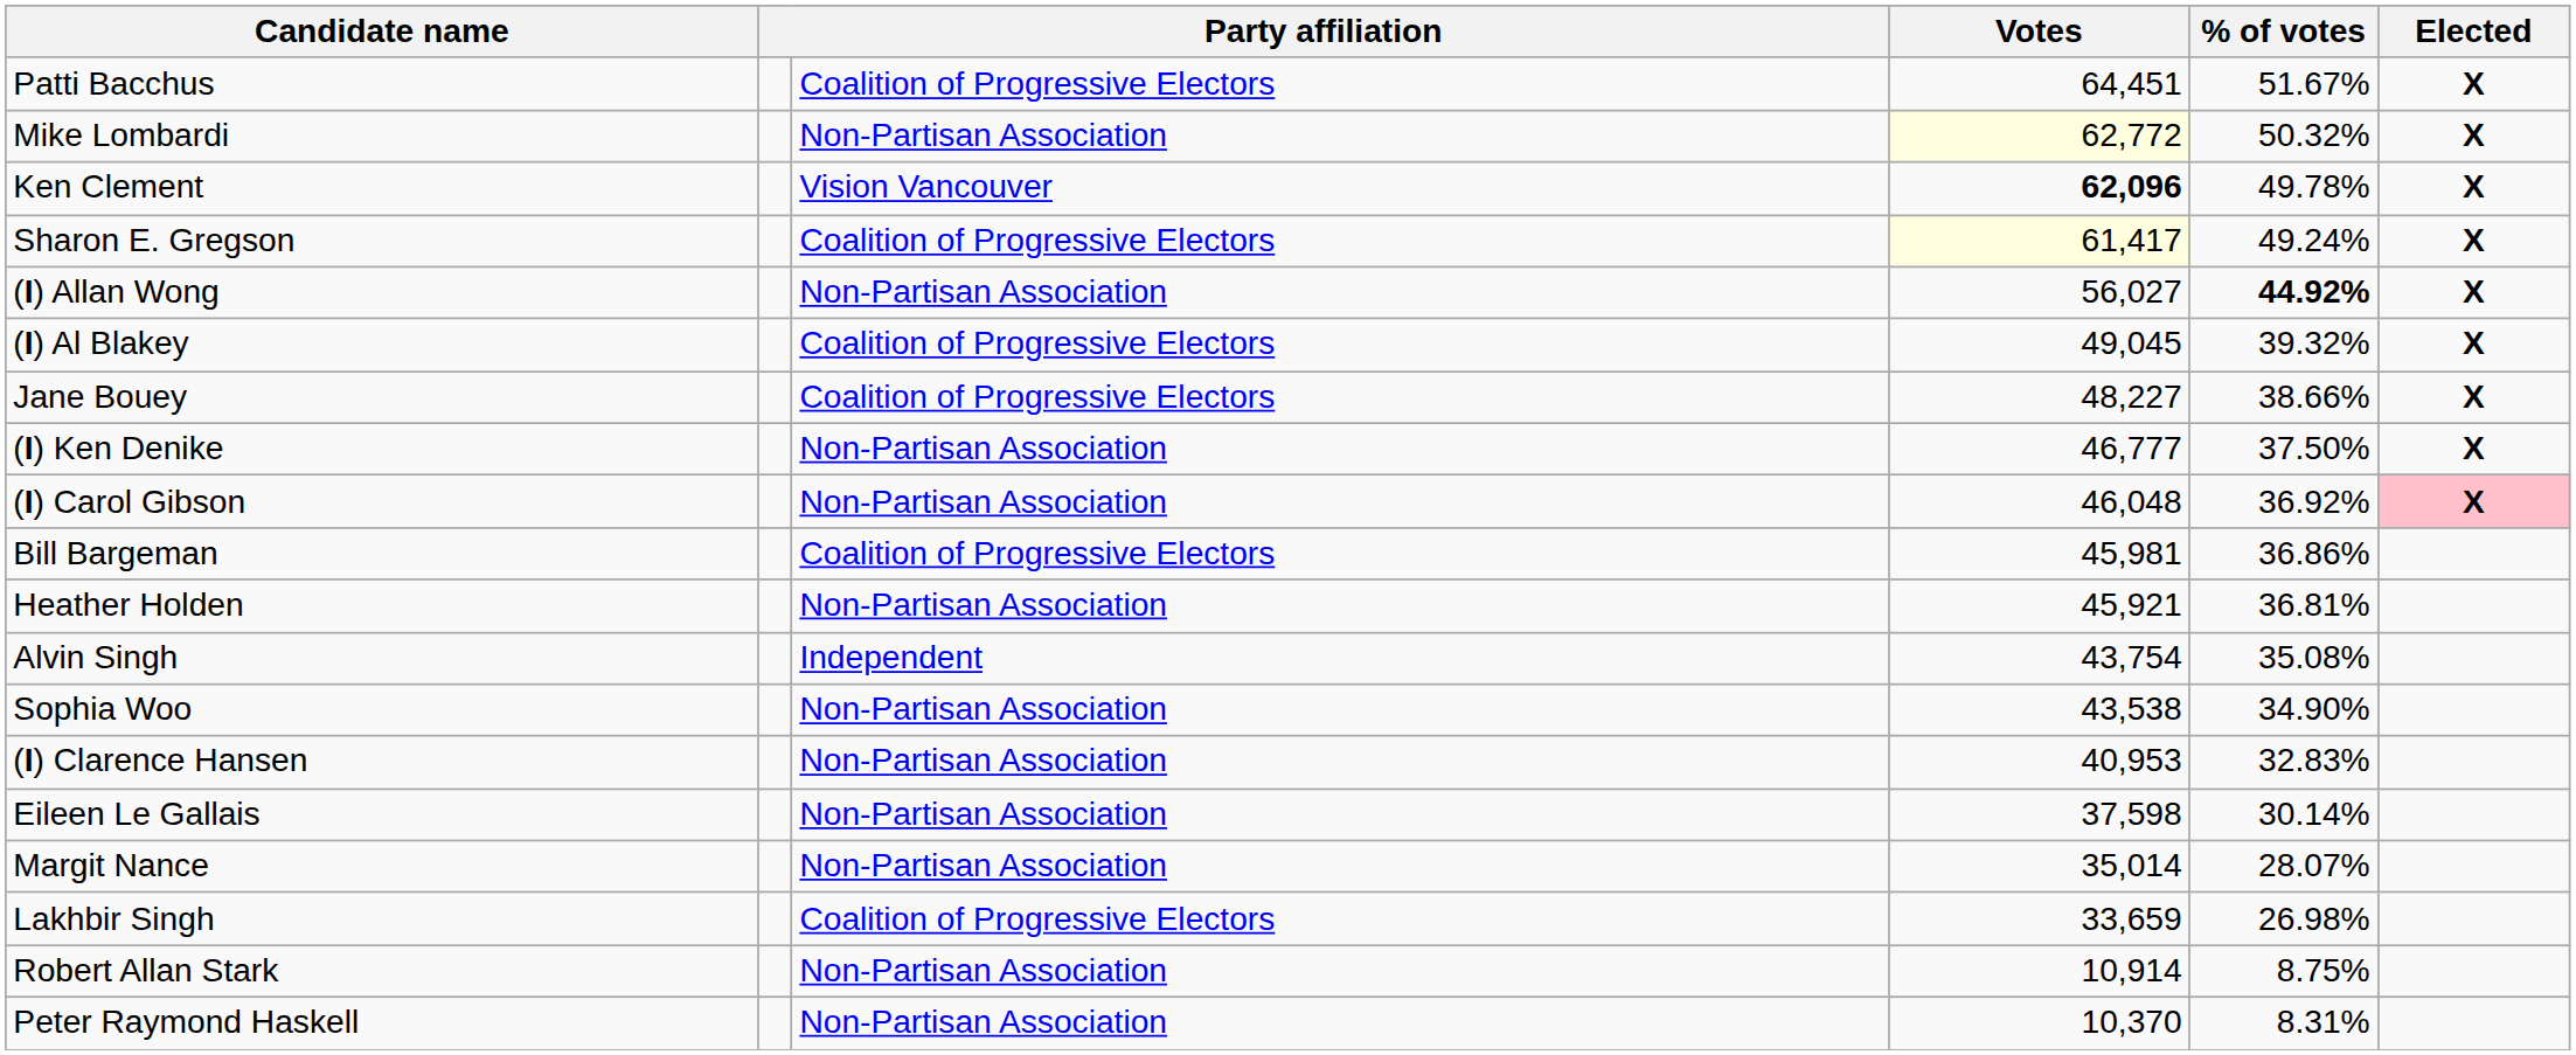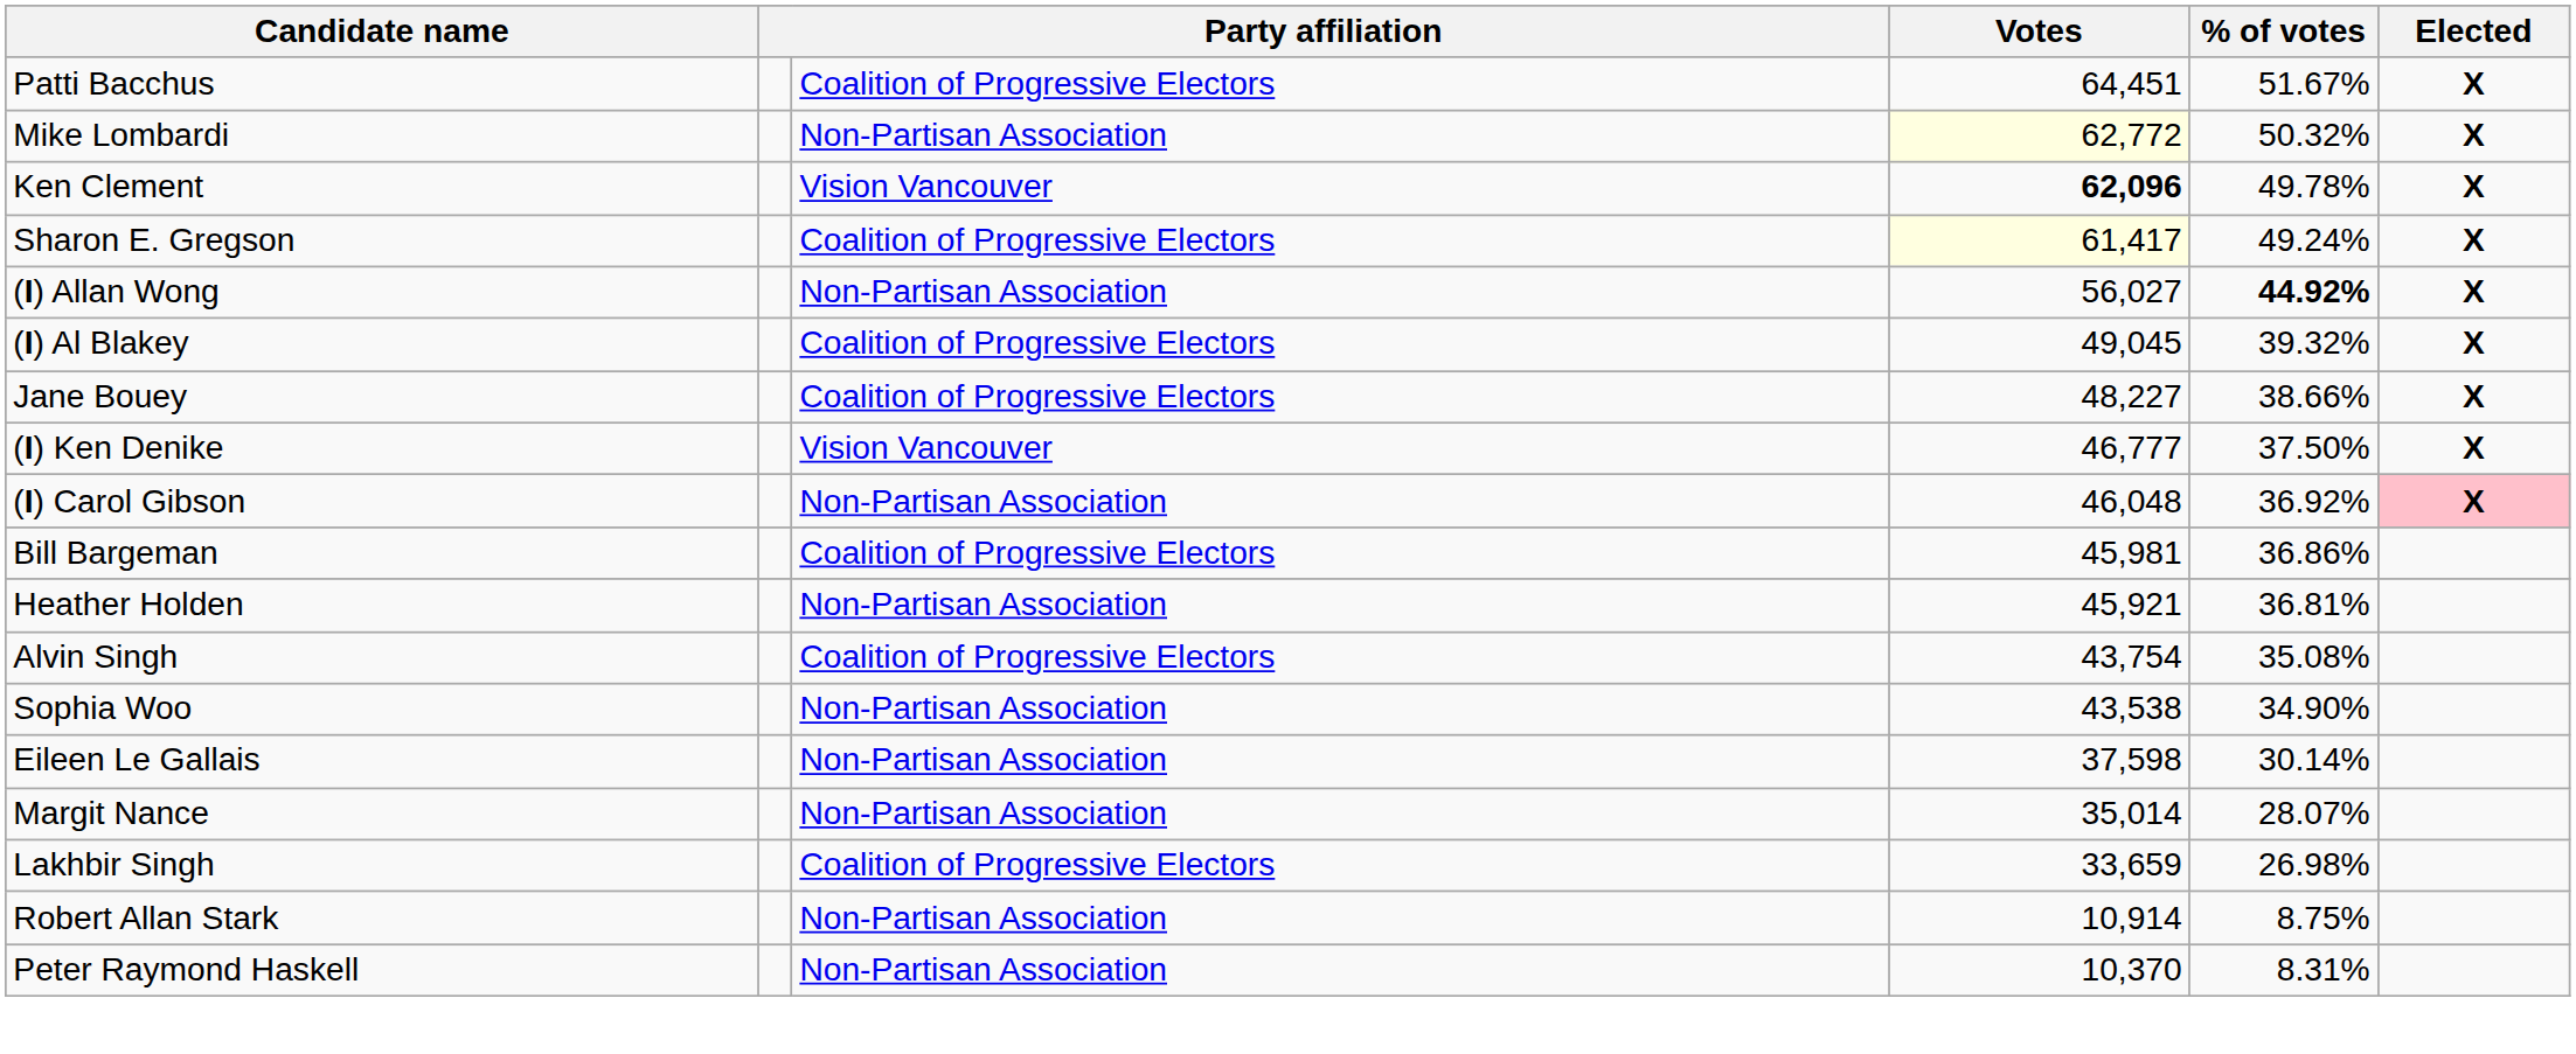 <table class="wikitable sortable" margin:5px; width: 60%">
 <tr>
 <th style="width:20%;">Candidate name</th>
 <th style="width:30.05%;" colspan="2">Party affiliation</th>
 <th style="width:8%;">Votes</th>
 <th style="width:5%;">% of votes</th>
 <th style="width:5%;">Elected</th>
 </tr>
 <tr>
 <td data-sort-value="Bacchus, Patti">Patti Bacchus</td>
 <td style="background:"></td>
 <td><a href='#'>Coalition of Progressive Electors</a></td>
 <td style="text-align: right;">64,451</td>
 <td style="text-align: right;">51.67%</td>
 <td style="text-align: center;"><strong>X</strong></td>
 </tr>
 <tr>
 <td data-sort-value="Lombardi, Mike">Mike Lombardi</td>
 <td style="background:"></td>
 <td><a href='#'>Non-Partisan Association</a></td>
 <td style="background: lightyellow; text-align: right;">62,772</td>
 <td style="text-align: right;">50.32%</td>
 <td style="text-align: center;"><strong>X</strong></td>
 </tr>
 <tr>
 <td data-sort-value="Clement, Ken">Ken Clement</td>
 <td style="background:"></td>
 <td><a href='#'>Vision Vancouver</a></td>
 <td style="text-align: right;"><strong>62,096</strong></td>
 <td style="text-align: right;">49.78%</td>
 <td style="text-align: center;"><strong>X</strong></td>
 </tr>
 <tr>
 <td data-sort-value="Gregson, Sharon E.">Sharon E. Gregson</td>
 <td style="background:"></td>
 <td><a href='#'>Coalition of Progressive Electors</a></td>
 <td style="background: lightyellow; text-align: right;">61,417</td>
 <td style="text-align: right;">49.24%</td>
 <td style="text-align: center;"><strong>X</strong></td>
 </tr>
 <tr>
 <td data-sort-value="Wong, Allan">(<strong>I</strong>) Allan Wong</td>
 <td style="background:"></td>
 <td><a href='#'>Non-Partisan Association</a></td>
 <td style="text-align: right;">56,027</td>
 <td style="text-align: right;"><strong>44.92%</strong></td>
 <td style="text-align: center;"><strong>X</strong></td>
 </tr>
 <tr>
 <td data-sort-value="Blakey, Al">(<strong>I</strong>) Al Blakey</td>
 <td style="background:"></td>
 <td><a href='#'>Coalition of Progressive Electors</a></td>
 <td style="text-align: right;">49,045</td>
 <td style="text-align: right;">39.32%</td>
 <td style="text-align: center;"><strong>X</strong></td>
 </tr>
 <tr>
 <td data-sort-value="Bouey, Jane">Jane Bouey</td>
 <td style="background:"></td>
 <td><a href='#'>Coalition of Progressive Electors</a></td>
 <td style="text-align: right;">48,227</td>
 <td style="text-align: right;">38.66%</td>
 <td style="text-align: center;"><strong>X</strong></td>
 </tr>
 <tr>
 <td data-sort-value="Denike, Ken">(<strong>I</strong>) Ken Denike</td>
 <td style="background:"></td>
-<td><a href='#'>Non-Partisan Association</a></td>
+<td><a href='#'>Vision Vancouver</a></td>
 <td style="text-align: right;">46,777</td>
 <td style="text-align: right;">37.50%</td>
 <td style="text-align: center;"><strong>X</strong></td>
 </tr>
 <tr>
 <td data-sort-value="Gibson, Carol">(<strong>I</strong>) Carol Gibson</td>
 <td style="background:"></td>
 <td><a href='#'>Non-Partisan Association</a></td>
 <td style="text-align: right;">46,048</td>
 <td style="text-align: right;">36.92%</td>
 <td style="background: pink; text-align: center;"><strong>X</strong></td>
 </tr>
 <tr>
 <td data-sort-value="Bargeman, Bill">Bill Bargeman</td>
 <td style="background:"></td>
 <td><a href='#'>Coalition of Progressive Electors</a></td>
 <td style="text-align: right;">45,981</td>
 <td style="text-align: right;">36.86%</td>
 <td></td>
 </tr>
 <tr>
 <td data-sort-value="Holden, Heather">Heather Holden</td>
 <td style="background:"></td>
 <td><a href='#'>Non-Partisan Association</a></td>
 <td style="text-align: right;">45,921</td>
 <td style="text-align: right;">36.81%</td>
 <td></td>
 </tr>
 <tr>
 <td data-sort-value="Singh, Alvin">Alvin Singh</td>
 <td style="background:"></td>
-<td><a href='#'>Independent</a></td>
+<td><a href='#'>Coalition of Progressive Electors</a></td>
 <td style="text-align: right;">43,754</td>
 <td style="text-align: right;">35.08%</td>
 <td></td>
 </tr>
 <tr>
 <td data-sort-value="Woo, Sophia">Sophia Woo</td>
 <td style="background:"></td>
 <td><a href='#'>Non-Partisan Association</a></td>
 <td style="text-align: right;">43,538</td>
 <td style="text-align: right;">34.90%</td>
-<td></td>
-</tr>
-<tr>
-<td data-sort-value="Hansen, Clarence">(<strong>I</strong>) Clarence Hansen</td>
-<td style="background:"></td>
-<td><a href='#'>Non-Partisan Association</a></td>
-<td style="text-align: right;">40,953</td>
-<td style="text-align: right;">32.83%</td>
 <td></td>
 </tr>
 <tr>
 <td data-sort-value="Le Gallais, Eileen">Eileen Le Gallais</td>
 <td style="background:"></td>
 <td><a href='#'>Non-Partisan Association</a></td>
 <td style="text-align: right;">37,598</td>
 <td style="text-align: right;">30.14%</td>
 <td></td>
 </tr>
 <tr>
 <td data-sort-value="Nance, Margit">Margit Nance</td>
 <td style="background:"></td>
 <td><a href='#'>Non-Partisan Association</a></td>
 <td style="text-align: right;">35,014</td>
 <td style="text-align: right;">28.07%</td>
 <td></td>
 </tr>
 <tr>
 <td data-sort-value="Singh, Lakhbir">Lakhbir Singh</td>
 <td style="background:"></td>
 <td><a href='#'>Coalition of Progressive Electors</a></td>
 <td style="text-align: right;">33,659</td>
 <td style="text-align: right;">26.98%</td>
 <td></td>
 </tr>
 <tr>
 <td data-sort-value="Stark, Robert Allan">Robert Allan Stark</td>
 <td style="background:"></td>
 <td><a href='#'>Non-Partisan Association</a></td>
 <td style="text-align: right;">10,914</td>
 <td style="text-align: right;">8.75%</td>
 <td></td>
 </tr>
 <tr>
 <td data-sort-value="Haskell, Peter Raymond">Peter Raymond Haskell</td>
 <td style="background:"></td>
 <td><a href='#'>Non-Partisan Association</a></td>
 <td style="text-align: right;">10,370</td>
 <td style="text-align: right;">8.31%</td>
 <td></td>
 </tr>
 </table>
